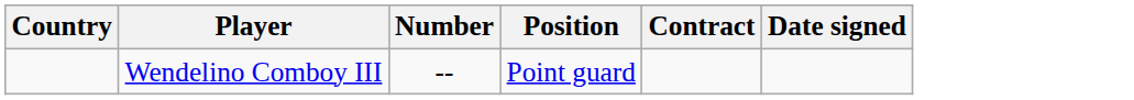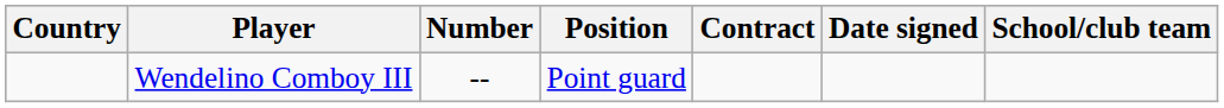 <table class="wikitable sortable sortable">
 <tr>
 <th>Country</th>
 <th>Player</th>
 <th>Number</th>
 <th>Position</th>
 <th>Contract</th>
 <th>Date signed</th>
+<th>School/club team</th>
 </tr>
 <tr>
 <td align=center></td>
 <td align=center><a href='#'>Wendelino Comboy III</a></td>
 <td align=center>--</td>
 <td align=center><a href='#'>Point guard</a></td>
 <td align=center></td>
 <td align=center></td>
+<td align=center></td>
 </tr>
 </table>
